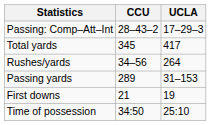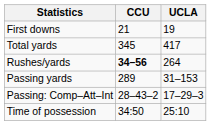 <table class="wikitable" style="float: left;">
 <tr>
 <th>Statistics</th>
 <th>CCU</th>
 <th>UCLA</th>
 </tr>
 <tr>
-<td>Passing: Comp–Att–Int</td>
-<td>28–43–2</td>
-<td>17–29–3</td>
+<td>First downs</td>
+<td>21</td>
+<td>19</td>
 </tr>
 <tr>
 <td>Total yards</td>
 <td>345</td>
 <td>417</td>
 </tr>
 <tr>
 <td>Rushes/yards</td>
-<td>34–56</td>
+<td><strong>34–56</strong></td>
 <td>264</td>
 </tr>
 <tr>
 <td>Passing yards</td>
 <td>289</td>
 <td>31–153</td>
 </tr>
 <tr>
-<td>First downs</td>
-<td>21</td>
-<td>19</td>
+<td>Passing: Comp–Att–Int</td>
+<td>28–43–2</td>
+<td>17–29–3</td>
 </tr>
 <tr>
 <td>Time of possession</td>
 <td>34:50</td>
 <td>25:10</td>
 </tr>
 </table>
